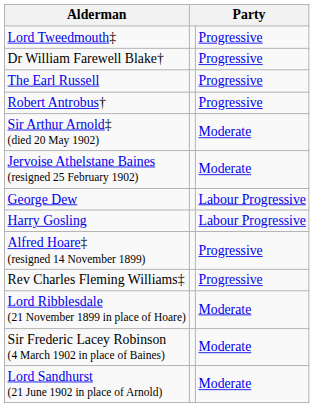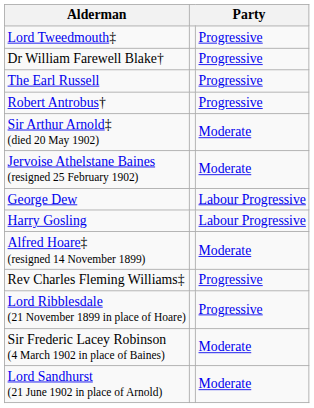 <table class="wikitable">
 <tr>
 <th>Alderman</th>
 <th colspan=2!>Party</th>
 </tr>
 <tr>
 <td><a href='#'>Lord Tweedmouth</a>‡</td>
 <td style="background-color: "></td>
 <td><a href='#'>Progressive</a></td>
 </tr>
 <tr>
 <td>Dr William Farewell Blake†</td>
 <td style="background-color: "></td>
 <td><a href='#'>Progressive</a></td>
 </tr>
 <tr>
 <td><a href='#'>The Earl Russell</a></td>
 <td style="background-color: "></td>
 <td><a href='#'>Progressive</a></td>
 </tr>
 <tr>
 <td><a href='#'>Robert Antrobus</a>†</td>
 <td style="background-color: "></td>
 <td><a href='#'>Progressive</a></td>
 </tr>
 <tr>
 <td><a href='#'>Sir Arthur Arnold</a>‡<small><br>(died 20 May 1902)</small></td>
 <td style="background-color: "></td>
 <td><a href='#'>Moderate</a></td>
 </tr>
 <tr>
 <td><a href='#'>Jervoise Athelstane Baines</a><small><br>(resigned 25 February 1902)</small></td>
 <td style="background-color: "></td>
 <td><a href='#'>Moderate</a></td>
 </tr>
 <tr>
 <td><a href='#'>George Dew</a></td>
 <td style="background-color: "></td>
 <td><a href='#'>Labour Progressive</a></td>
 </tr>
 <tr>
 <td><a href='#'>Harry Gosling</a></td>
 <td style="background-color: "></td>
 <td><a href='#'>Labour Progressive</a></td>
 </tr>
 <tr>
 <td><a href='#'>Alfred Hoare</a>‡<small><br>(resigned 14 November 1899)</small></td>
 <td style="background-color: "></td>
-<td><a href='#'>Progressive</a></td>
+<td><a href='#'>Moderate</a></td>
 </tr>
 <tr>
 <td>Rev Charles Fleming Williams‡</td>
 <td style="background-color: "></td>
 <td><a href='#'>Progressive</a></td>
 </tr>
 <tr>
 <td><a href='#'>Lord Ribblesdale</a><small><br>(21 November 1899 in place of Hoare)</small></td>
 <td style="background-color: "></td>
-<td><a href='#'>Moderate</a></td>
+<td><a href='#'>Progressive</a></td>
 </tr>
 <tr>
 <td>Sir Frederic Lacey Robinson<small><br>(4 March 1902 in place of Baines)</small></td>
 <td style="background-color: "></td>
 <td><a href='#'>Moderate</a></td>
 </tr>
 <tr>
 <td><a href='#'>Lord Sandhurst</a><small><br>(21 June 1902 in place of Arnold)</small></td>
 <td style="background-color: "></td>
 <td><a href='#'>Moderate</a></td>
 </tr>
 </table>
